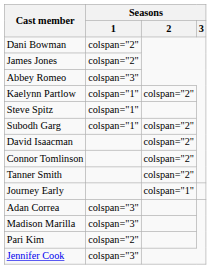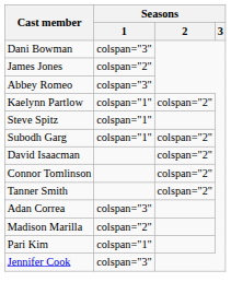 <table class="wikitable">
 <tr>
 <th rowspan="2">Cast member</th>
 <th colspan="3">Seasons</th>
 </tr>
 <tr>
 <th>1</th>
 <th>2</th>
 <th>3</th>
 </tr>
 <tr>
 <td>Dani Bowman</td>
-<td>colspan="2" </td>
+<td>colspan="3" </td>
 </tr>
 <tr>
 <td>James Jones</td>
 <td>colspan="2" </td>
 </tr>
 <tr>
 <td>Abbey Romeo</td>
 <td>colspan="3" </td>
 </tr>
 <tr>
 <td>Kaelynn Partlow</td>
 <td>colspan="1" </td>
 <td>colspan="2" </td>
 </tr>
 <tr>
 <td>Steve Spitz</td>
 <td>colspan="1" </td>
 <td></td>
 </tr>
 <tr>
 <td>Subodh Garg</td>
 <td>colspan="1" </td>
 <td>colspan="2" </td>
 </tr>
 <tr>
 <td>David Isaacman</td>
 <td></td>
 <td>colspan="2" </td>
 </tr>
 <tr>
 <td>Connor Tomlinson</td>
 <td></td>
 <td>colspan="2" </td>
 </tr>
 <tr>
 <td>Tanner Smith</td>
 <td></td>
 <td>colspan="2" </td>
 </tr>
 <tr>
-<td>Journey Early</td>
-<td></td>
-<td>colspan="1" </td>
-<td></td>
-</tr>
-<tr>
 <td>Adan Correa</td>
 <td>colspan="3" </td>
 <td></td>
 </tr>
 <tr>
 <td>Madison Marilla</td>
-<td>colspan="3" </td>
+<td>colspan="2" </td>
 <td></td>
 </tr>
 <tr>
 <td>Pari Kim</td>
-<td>colspan="2" </td>
+<td>colspan="1" </td>
 <td></td>
 </tr>
 <tr>
 <td><a href='#'>Jennifer Cook</a></td>
 <td>colspan="3" </td>
 </tr>
 </table>
